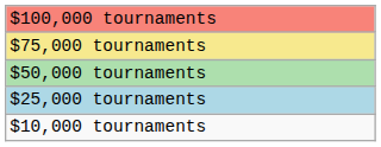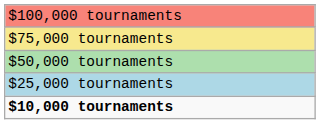 <table class="wikitable" style="font-size:85%;" width=15%>
 <tr bgcolor="#F88379">
 <td>$100,000 tournaments</td>
 </tr>
 <tr bgcolor="#F7E98E">
 <td>$75,000 tournaments</td>
 </tr>
 <tr bgcolor="#ADDFAD">
 <td>$50,000 tournaments</td>
 </tr>
 <tr bgcolor=lightblue>
 <td>$25,000 tournaments</td>
 </tr>
 <tr>
-<td>$10,000 tournaments</td>
+<td><strong>$10,000 tournaments</strong></td>
 </tr>
 </table>
